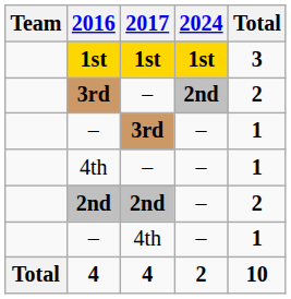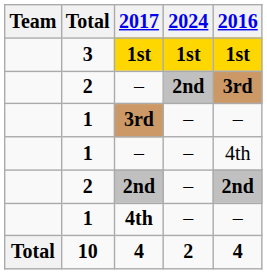 <table class=wikitable style="text-align:center; font-size:90%">
 <tr>
 <th>Team</th>
-<th><a href='#'>2016</a></th>
+<th>Total</th>
 <th><a href='#'>2017</a></th>
 <th><a href='#'>2024</a></th>
-<th>Total</th>
+<th><a href='#'>2016</a></th>
 </tr>
 <tr>
 <td align=left></td>
+<td><strong>3</strong></td>
 <td bgcolor=gold><strong>1st</strong></td>
 <td bgcolor=gold><strong>1st</strong></td>
 <td bgcolor=gold><strong>1st</strong></td>
-<td><strong>3</strong></td>
 </tr>
 <tr>
 <td align=left></td>
-<td bgcolor=#cc9966><strong>3rd</strong></td>
+<td><strong>2</strong></td>
 <td>–</td>
 <td bgcolor=silver><strong>2nd</strong></td>
-<td><strong>2</strong></td>
+<td bgcolor=#cc9966><strong>3rd</strong></td>
 </tr>
 <tr>
 <td align=left></td>
-<td>–</td>
+<td><strong>1</strong></td>
 <td bgcolor=#cc9966><strong>3rd</strong></td>
 <td>–</td>
-<td><strong>1</strong></td>
+<td>–</td>
 </tr>
 <tr>
 <td align=left></td>
-<td>4th</td>
+<td><strong>1</strong></td>
 <td>–</td>
 <td>–</td>
-<td><strong>1</strong></td>
+<td>4th</td>
 </tr>
 <tr>
 <td align=left></td>
-<td bgcolor=silver><strong>2nd</strong></td>
+<td><strong>2</strong></td>
 <td bgcolor=silver><strong>2nd</strong></td>
 <td>–</td>
-<td><strong>2</strong></td>
+<td bgcolor=silver><strong>2nd</strong></td>
 </tr>
 <tr>
 <td align=left></td>
+<td><strong>1</strong></td>
+<td><strong>4th</strong></td>
 <td>–</td>
-<td>4th</td>
 <td>–</td>
-<td><strong>1</strong></td>
 </tr>
 <tr>
 <th>Total</th>
-<td><strong>4</strong></td>
+<td><strong>10</strong></td>
 <td><strong>4</strong></td>
 <td><strong>2</strong></td>
-<td><strong>10</strong></td>
+<td><strong>4</strong></td>
 </tr>
 </table>
